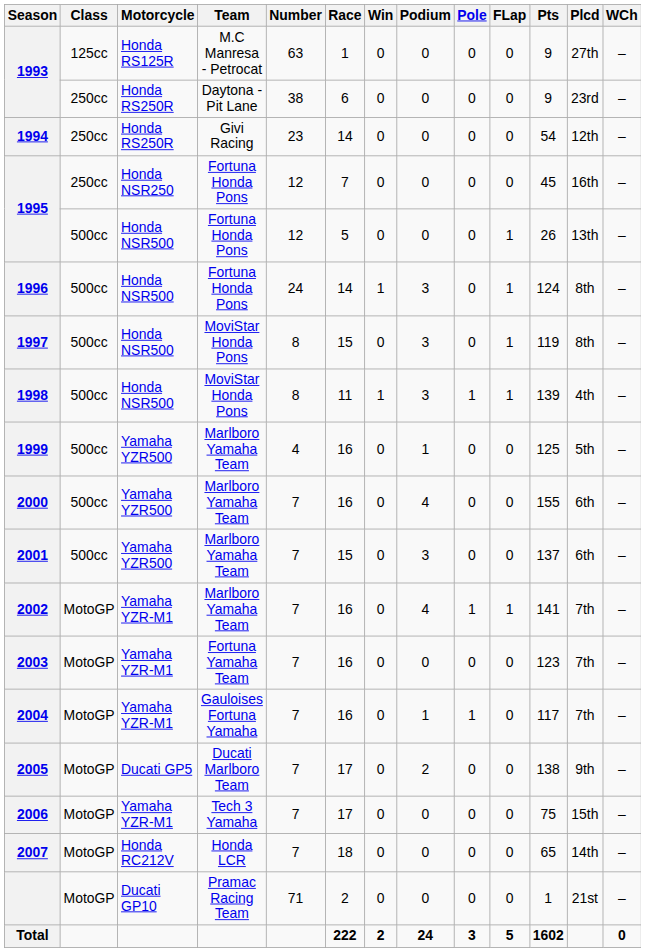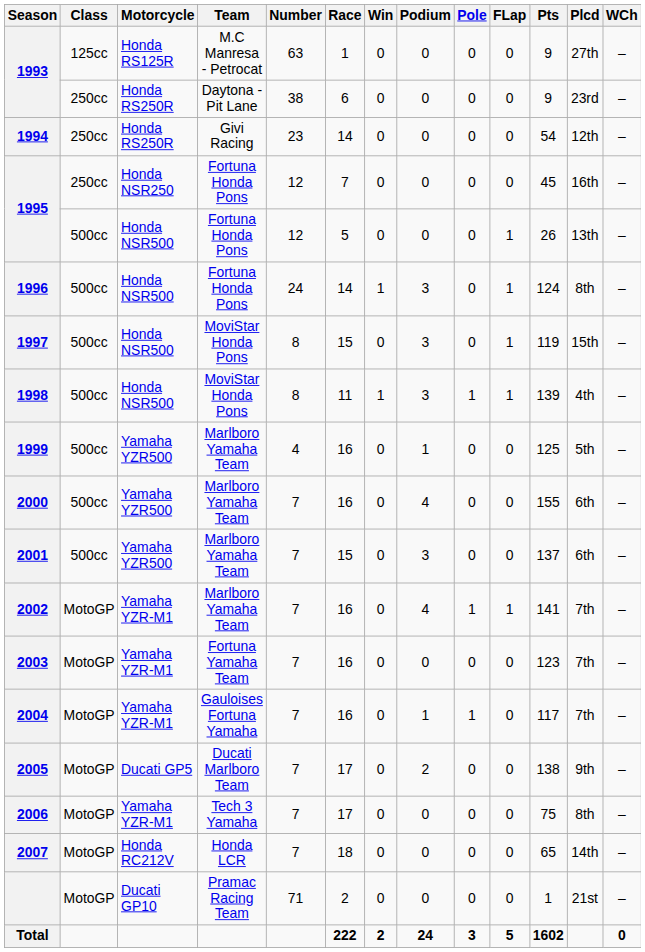 <table class="wikitable" style="text-align:center">
 <tr>
 <th>Season</th>
 <th>Class</th>
 <th>Motorcycle</th>
 <th>Team</th>
 <th>Number</th>
 <th>Race</th>
 <th>Win</th>
 <th>Podium</th>
 <th><a href='#'>Pole</a></th>
 <th>FLap</th>
 <th>Pts</th>
 <th>Plcd</th>
 <th>WCh</th>
 </tr>
 <tr>
 <th rowspan=2><a href='#'>1993</a></th>
 <td>125cc</td>
 <td align="left"><a href='#'>Honda RS125R</a></td>
 <td>M.C Manresa - Petrocat</td>
 <td>63</td>
 <td>1</td>
 <td>0</td>
 <td>0</td>
 <td>0</td>
 <td>0</td>
 <td>9</td>
 <td>27th</td>
 <td>–</td>
 </tr>
 <tr>
 <td>250cc</td>
 <td align="left"><a href='#'>Honda RS250R</a></td>
 <td>Daytona - Pit Lane</td>
 <td>38</td>
 <td>6</td>
 <td>0</td>
 <td>0</td>
 <td>0</td>
 <td>0</td>
 <td>9</td>
 <td>23rd</td>
 <td>–</td>
 </tr>
 <tr>
 <th><a href='#'>1994</a></th>
 <td>250cc</td>
 <td align="left"><a href='#'>Honda RS250R</a></td>
 <td>Givi Racing</td>
 <td>23</td>
 <td>14</td>
 <td>0</td>
 <td>0</td>
 <td>0</td>
 <td>0</td>
 <td>54</td>
 <td>12th</td>
 <td>–</td>
 </tr>
 <tr>
 <th rowspan=2><a href='#'>1995</a></th>
 <td>250cc</td>
 <td align="left"><a href='#'>Honda NSR250</a></td>
 <td><a href='#'>Fortuna Honda Pons</a></td>
 <td>12</td>
 <td>7</td>
 <td>0</td>
 <td>0</td>
 <td>0</td>
 <td>0</td>
 <td>45</td>
 <td>16th</td>
 <td>–</td>
 </tr>
 <tr>
 <td>500cc</td>
 <td align="left"><a href='#'>Honda NSR500</a></td>
 <td><a href='#'>Fortuna Honda Pons</a></td>
 <td>12</td>
 <td>5</td>
 <td>0</td>
 <td>0</td>
 <td>0</td>
 <td>1</td>
 <td>26</td>
 <td>13th</td>
 <td>–</td>
 </tr>
 <tr>
 <th><a href='#'>1996</a></th>
 <td>500cc</td>
 <td align="left"><a href='#'>Honda NSR500</a></td>
 <td><a href='#'>Fortuna Honda Pons</a></td>
 <td>24</td>
 <td>14</td>
 <td>1</td>
 <td>3</td>
 <td>0</td>
 <td>1</td>
 <td>124</td>
 <td>8th</td>
 <td>–</td>
 </tr>
 <tr>
 <th><a href='#'>1997</a></th>
 <td>500cc</td>
 <td align="left"><a href='#'>Honda NSR500</a></td>
 <td><a href='#'>MoviStar Honda Pons</a></td>
 <td>8</td>
 <td>15</td>
 <td>0</td>
 <td>3</td>
 <td>0</td>
 <td>1</td>
 <td>119</td>
-<td>8th</td>
+<td>15th</td>
 <td>–</td>
 </tr>
 <tr>
 <th><a href='#'>1998</a></th>
 <td>500cc</td>
 <td align="left"><a href='#'>Honda NSR500</a></td>
 <td><a href='#'>MoviStar Honda Pons</a></td>
 <td>8</td>
 <td>11</td>
 <td>1</td>
 <td>3</td>
 <td>1</td>
 <td>1</td>
 <td>139</td>
 <td>4th</td>
 <td>–</td>
 </tr>
 <tr>
 <th><a href='#'>1999</a></th>
 <td>500cc</td>
 <td align="left"><a href='#'>Yamaha YZR500</a></td>
 <td><a href='#'>Marlboro Yamaha Team</a></td>
 <td>4</td>
 <td>16</td>
 <td>0</td>
 <td>1</td>
 <td>0</td>
 <td>0</td>
 <td>125</td>
 <td>5th</td>
 <td>–</td>
 </tr>
 <tr>
 <th><a href='#'>2000</a></th>
 <td>500cc</td>
 <td align="left"><a href='#'>Yamaha YZR500</a></td>
 <td><a href='#'>Marlboro Yamaha Team</a></td>
 <td>7</td>
 <td>16</td>
 <td>0</td>
 <td>4</td>
 <td>0</td>
 <td>0</td>
 <td>155</td>
 <td>6th</td>
 <td>–</td>
 </tr>
 <tr>
 <th><a href='#'>2001</a></th>
 <td>500cc</td>
 <td align="left"><a href='#'>Yamaha YZR500</a></td>
 <td><a href='#'>Marlboro Yamaha Team</a></td>
 <td>7</td>
 <td>15</td>
 <td>0</td>
 <td>3</td>
 <td>0</td>
 <td>0</td>
 <td>137</td>
 <td>6th</td>
 <td>–</td>
 </tr>
 <tr>
 <th><a href='#'>2002</a></th>
 <td>MotoGP</td>
 <td align="left"><a href='#'>Yamaha YZR-M1</a></td>
 <td><a href='#'>Marlboro Yamaha Team</a></td>
 <td>7</td>
 <td>16</td>
 <td>0</td>
 <td>4</td>
 <td>1</td>
 <td>1</td>
 <td>141</td>
 <td>7th</td>
 <td>–</td>
 </tr>
 <tr>
 <th><a href='#'>2003</a></th>
 <td>MotoGP</td>
 <td align="left"><a href='#'>Yamaha YZR-M1</a></td>
 <td><a href='#'>Fortuna Yamaha Team</a></td>
 <td>7</td>
 <td>16</td>
 <td>0</td>
 <td>0</td>
 <td>0</td>
 <td>0</td>
 <td>123</td>
 <td>7th</td>
 <td>–</td>
 </tr>
 <tr>
 <th><a href='#'>2004</a></th>
 <td>MotoGP</td>
 <td align="left"><a href='#'>Yamaha YZR-M1</a></td>
 <td><a href='#'>Gauloises Fortuna Yamaha</a></td>
 <td>7</td>
 <td>16</td>
 <td>0</td>
 <td>1</td>
 <td>1</td>
 <td>0</td>
 <td>117</td>
 <td>7th</td>
 <td>–</td>
 </tr>
 <tr>
 <th><a href='#'>2005</a></th>
 <td>MotoGP</td>
 <td align="left"><a href='#'>Ducati GP5</a></td>
 <td><a href='#'>Ducati Marlboro Team</a></td>
 <td>7</td>
 <td>17</td>
 <td>0</td>
 <td>2</td>
 <td>0</td>
 <td>0</td>
 <td>138</td>
 <td>9th</td>
 <td>–</td>
 </tr>
 <tr>
 <th><a href='#'>2006</a></th>
 <td>MotoGP</td>
 <td align="left"><a href='#'>Yamaha YZR-M1</a></td>
 <td><a href='#'>Tech 3 Yamaha</a></td>
 <td>7</td>
 <td>17</td>
 <td>0</td>
 <td>0</td>
 <td>0</td>
 <td>0</td>
 <td>75</td>
-<td>15th</td>
+<td>8th</td>
 <td>–</td>
 </tr>
 <tr>
 <th><a href='#'>2007</a></th>
 <td>MotoGP</td>
 <td align="left"><a href='#'>Honda RC212V</a></td>
 <td><a href='#'>Honda LCR</a></td>
 <td>7</td>
 <td>18</td>
 <td>0</td>
 <td>0</td>
 <td>0</td>
 <td>0</td>
 <td>65</td>
 <td>14th</td>
 <td>–</td>
 </tr>
 <tr>
 <th></th>
 <td>MotoGP</td>
 <td align="left"><a href='#'>Ducati GP10</a></td>
 <td><a href='#'>Pramac Racing Team</a></td>
 <td>71</td>
 <td>2</td>
 <td>0</td>
 <td>0</td>
 <td>0</td>
 <td>0</td>
 <td>1</td>
 <td>21st</td>
 <td>–</td>
 </tr>
 <tr>
 <th>Total</th>
 <td></td>
 <td></td>
 <td></td>
 <td></td>
 <td><strong>222</strong></td>
 <td><strong>2</strong></td>
 <td><strong>24</strong></td>
 <td><strong>3</strong></td>
 <td><strong>5</strong></td>
 <td><strong>1602</strong></td>
 <td></td>
 <td><strong>0</strong></td>
 </tr>
 </table>
